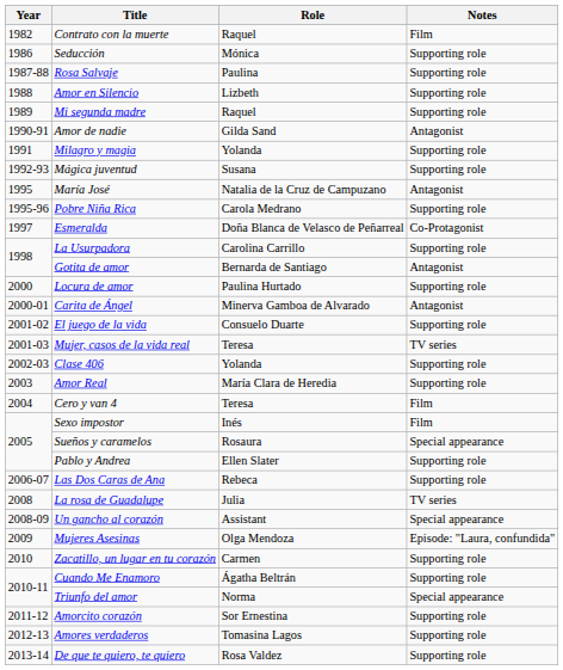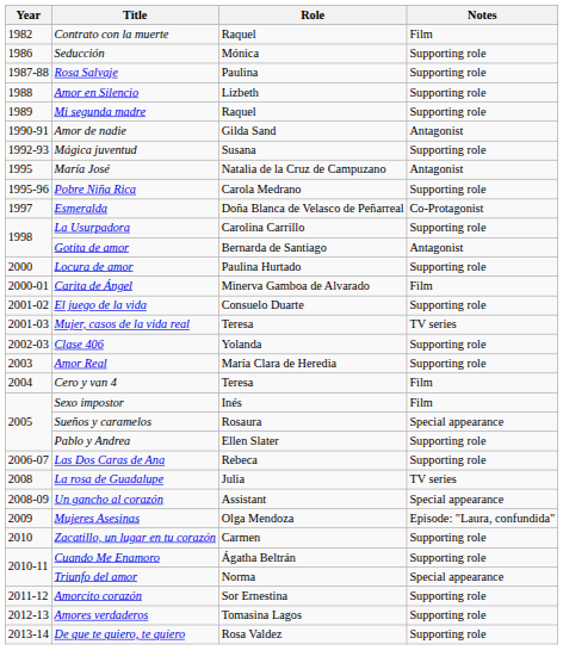 <table class="wikitable">
 <tr style="background:#b0c4de;">
 <th>Year</th>
 <th>Title</th>
 <th>Role</th>
 <th>Notes</th>
 </tr>
 <tr>
 <td>1982</td>
 <td><em>Contrato con la muerte</em></td>
 <td>Raquel</td>
 <td>Film</td>
 </tr>
 <tr>
 <td>1986</td>
 <td><em>Seducción</em></td>
 <td>Mónica</td>
 <td>Supporting role</td>
 </tr>
 <tr>
 <td>1987-88</td>
 <td><em><a href='#'>Rosa Salvaje</a></em></td>
 <td>Paulina</td>
 <td>Supporting role</td>
 </tr>
 <tr>
 <td>1988</td>
 <td><em><a href='#'>Amor en Silencio</a></em></td>
 <td>Lizbeth</td>
 <td>Supporting role</td>
 </tr>
 <tr>
 <td>1989</td>
 <td><em><a href='#'>Mi segunda madre</a></em></td>
 <td>Raquel</td>
 <td>Supporting role</td>
 </tr>
 <tr>
 <td>1990-91</td>
 <td><em>Amor de nadie</em></td>
 <td>Gilda Sand</td>
 <td>Antagonist</td>
-</tr>
-<tr>
-<td>1991</td>
-<td><em><a href='#'>Milagro y magia</a></em></td>
-<td>Yolanda</td>
-<td>Supporting role</td>
 </tr>
 <tr>
 <td>1992-93</td>
 <td><em>Mágica juventud</em></td>
 <td>Susana</td>
 <td>Supporting role</td>
 </tr>
 <tr>
 <td>1995</td>
 <td><em>María José</em></td>
 <td>Natalia de la Cruz de Campuzano</td>
 <td>Antagonist</td>
 </tr>
 <tr>
 <td>1995-96</td>
 <td><em><a href='#'>Pobre Niña Rica</a></em></td>
 <td>Carola Medrano</td>
 <td>Supporting role</td>
 </tr>
 <tr>
 <td>1997</td>
 <td><em><a href='#'>Esmeralda</a></em></td>
 <td>Doña Blanca de Velasco de Peñarreal</td>
 <td>Co-Protagonist</td>
 </tr>
 <tr>
 <td rowspan=2>1998</td>
 <td><em><a href='#'>La Usurpadora</a></em></td>
 <td>Carolina Carrillo</td>
 <td>Supporting role</td>
 </tr>
 <tr>
 <td><em><a href='#'>Gotita de amor</a></em></td>
 <td>Bernarda de Santiago</td>
 <td>Antagonist</td>
 </tr>
 <tr>
 <td>2000</td>
 <td><em><a href='#'>Locura de amor</a></em></td>
 <td>Paulina Hurtado</td>
 <td>Supporting role</td>
 </tr>
 <tr>
 <td>2000-01</td>
 <td><em><a href='#'>Carita de Ángel</a></em></td>
 <td>Minerva Gamboa de Alvarado</td>
-<td>Antagonist</td>
+<td>Film</td>
 </tr>
 <tr>
 <td>2001-02</td>
 <td><em><a href='#'>El juego de la vida</a></em></td>
 <td>Consuelo Duarte</td>
 <td>Supporting role</td>
 </tr>
 <tr>
 <td>2001-03</td>
 <td><em><a href='#'>Mujer, casos de la vida real </a></em></td>
 <td>Teresa</td>
 <td>TV series</td>
 </tr>
 <tr>
 <td>2002-03</td>
 <td><em><a href='#'>Clase 406</a></em></td>
 <td>Yolanda</td>
 <td>Supporting role</td>
 </tr>
 <tr>
 <td>2003</td>
 <td><em><a href='#'>Amor Real</a></em></td>
 <td>María Clara de Heredia</td>
 <td>Supporting role</td>
 </tr>
 <tr>
 <td>2004</td>
 <td><em>Cero y van 4</em></td>
 <td>Teresa</td>
 <td>Film</td>
 </tr>
 <tr>
 <td rowspan=3>2005</td>
 <td><em>Sexo impostor</em></td>
 <td>Inés</td>
 <td>Film</td>
 </tr>
 <tr>
 <td><em>Sueños y caramelos</em></td>
 <td>Rosaura</td>
 <td>Special appearance</td>
 </tr>
 <tr>
 <td><em>Pablo y Andrea</em></td>
 <td>Ellen Slater</td>
 <td>Supporting role</td>
 </tr>
 <tr>
 <td>2006-07</td>
 <td><em><a href='#'>Las Dos Caras de Ana</a></em></td>
 <td>Rebeca</td>
 <td>Supporting role</td>
 </tr>
 <tr>
 <td>2008</td>
 <td><em><a href='#'>La rosa de Guadalupe</a></em></td>
 <td>Julia</td>
 <td>TV series</td>
 </tr>
 <tr>
 <td>2008-09</td>
 <td><em><a href='#'>Un gancho al corazón</a></em></td>
 <td>Assistant</td>
 <td>Special appearance</td>
 </tr>
 <tr>
 <td>2009</td>
 <td><em><a href='#'>Mujeres Asesinas</a></em></td>
 <td>Olga Mendoza</td>
 <td>Episode: "Laura, confundida"</td>
 </tr>
 <tr>
 <td>2010</td>
 <td><em><a href='#'>Zacatillo, un lugar en tu corazón</a></em></td>
 <td>Carmen</td>
 <td>Supporting role</td>
 </tr>
 <tr>
 <td rowspan=2>2010-11</td>
 <td><em><a href='#'>Cuando Me Enamoro</a></em></td>
 <td>Ágatha Beltrán</td>
 <td>Supporting role</td>
 </tr>
 <tr>
 <td><em><a href='#'>Triunfo del amor</a></em></td>
 <td>Norma</td>
 <td>Special appearance</td>
 </tr>
 <tr>
 <td>2011-12</td>
 <td><em><a href='#'>Amorcito corazón</a></em></td>
 <td>Sor Ernestina</td>
 <td>Supporting role</td>
 </tr>
 <tr>
 <td>2012-13</td>
 <td><em><a href='#'>Amores verdaderos</a></em></td>
 <td>Tomasina Lagos</td>
 <td>Supporting role</td>
 </tr>
 <tr>
 <td>2013-14</td>
 <td><em><a href='#'>De que te quiero, te quiero</a></em></td>
 <td>Rosa Valdez</td>
 <td>Supporting role</td>
 </tr>
 </table>
